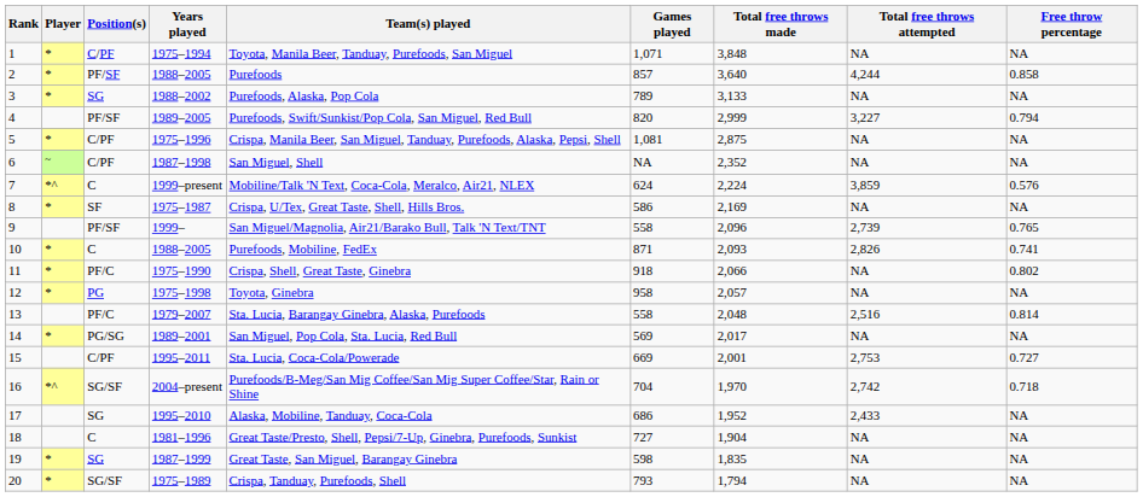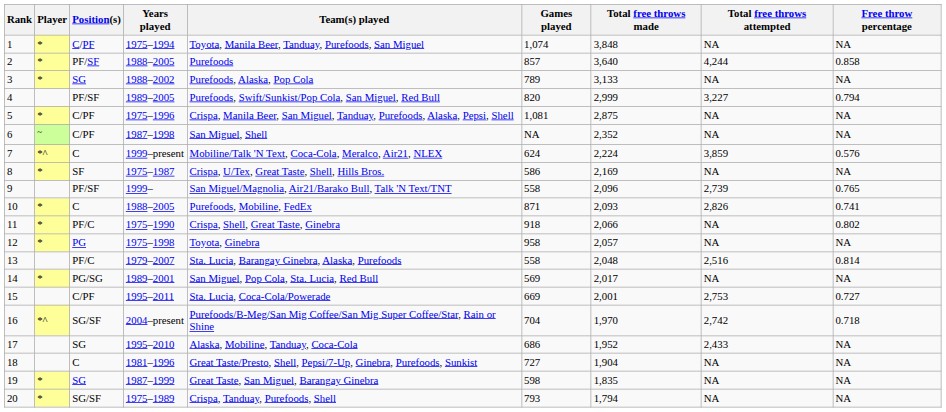 <table class="wikitable sortable" style="font-size: 90%;">
 <tr>
 <th>Rank</th>
 <th>Player</th>
 <th><a href='#'>Position</a>(s)</th>
 <th>Years played</th>
 <th class="unsortable">Team(s) played</th>
 <th>Games played</th>
 <th>Total <a href='#'>free throws</a> made</th>
 <th>Total <a href='#'>free throws</a> attempted</th>
 <th><a href='#'>Free throw</a> percentage</th>
 </tr>
 <tr>
 <td>1</td>
 <td bgcolor="#FFFF99">*</td>
 <td><a href='#'>C</a>/<a href='#'>PF</a></td>
 <td><a href='#'>1975</a>–<a href='#'>1994</a></td>
 <td><a href='#'>Toyota</a>, <a href='#'>Manila Beer</a>, <a href='#'>Tanduay</a>, <a href='#'>Purefoods</a>, <a href='#'>San Miguel</a></td>
-<td>1,071</td>
+<td>1,074</td>
 <td>3,848</td>
 <td>NA</td>
 <td>NA</td>
 </tr>
 <tr>
 <td>2</td>
 <td bgcolor="#FFFF99">*</td>
 <td>PF/<a href='#'>SF</a></td>
 <td><a href='#'>1988</a>–<a href='#'>2005</a></td>
 <td><a href='#'>Purefoods</a></td>
 <td>857</td>
 <td>3,640</td>
 <td>4,244</td>
 <td>0.858</td>
 </tr>
 <tr>
 <td>3</td>
 <td bgcolor="#FFFF99">*</td>
 <td><a href='#'>SG</a></td>
 <td><a href='#'>1988</a>–<a href='#'>2002</a></td>
 <td><a href='#'>Purefoods</a>, <a href='#'>Alaska</a>, <a href='#'>Pop Cola</a></td>
 <td>789</td>
 <td>3,133</td>
 <td>NA</td>
 <td>NA</td>
 </tr>
 <tr>
 <td>4</td>
 <td></td>
 <td>PF/SF</td>
 <td><a href='#'>1989</a>–<a href='#'>2005</a></td>
 <td><a href='#'>Purefoods</a>, <a href='#'>Swift/Sunkist/Pop Cola</a>, <a href='#'>San Miguel</a>, <a href='#'>Red Bull</a></td>
 <td>820</td>
 <td>2,999</td>
 <td>3,227</td>
 <td>0.794</td>
 </tr>
 <tr>
 <td>5</td>
 <td bgcolor="#FFFF99">*</td>
 <td>C/PF</td>
 <td><a href='#'>1975</a>–<a href='#'>1996</a></td>
 <td><a href='#'>Crispa</a>, <a href='#'>Manila Beer</a>, <a href='#'>San Miguel</a>, <a href='#'>Tanduay</a>, <a href='#'>Purefoods</a>, <a href='#'>Alaska</a>, <a href='#'>Pepsi</a>, <a href='#'>Shell</a></td>
 <td>1,081</td>
 <td>2,875</td>
 <td>NA</td>
 <td>NA</td>
 </tr>
 <tr>
 <td>6</td>
 <td bgcolor="#CCFF99"><sup>~</sup></td>
 <td>C/PF</td>
 <td><a href='#'>1987</a>–<a href='#'>1998</a></td>
 <td><a href='#'>San Miguel</a>, <a href='#'>Shell</a></td>
 <td>NA</td>
 <td>2,352</td>
 <td>NA</td>
 <td>NA</td>
 </tr>
 <tr>
 <td>7</td>
 <td style="background:#FFFF99"><em></em>*^</td>
 <td>C</td>
 <td><a href='#'>1999</a>–present</td>
 <td><a href='#'>Mobiline/Talk 'N Text</a>, <a href='#'>Coca-Cola</a>, <a href='#'>Meralco</a>, <a href='#'>Air21</a>, <a href='#'>NLEX</a></td>
 <td>624</td>
 <td>2,224</td>
 <td>3,859</td>
 <td>0.576</td>
 </tr>
 <tr>
 <td>8</td>
 <td bgcolor="#FFFF99">*</td>
 <td>SF</td>
 <td><a href='#'>1975</a>–<a href='#'>1987</a></td>
 <td><a href='#'>Crispa</a>, <a href='#'>U/Tex</a>, <a href='#'>Great Taste</a>, <a href='#'>Shell</a>, <a href='#'>Hills Bros.</a></td>
 <td>586</td>
 <td>2,169</td>
 <td>NA</td>
 <td>NA</td>
 </tr>
 <tr>
 <td>9</td>
 <td></td>
 <td>PF/SF</td>
 <td><a href='#'>1999</a>–</td>
 <td><a href='#'>San Miguel/Magnolia</a>, <a href='#'>Air21/Barako Bull</a>, <a href='#'>Talk 'N Text/TNT</a></td>
 <td>558</td>
 <td>2,096</td>
 <td>2,739</td>
 <td>0.765</td>
 </tr>
 <tr>
 <td>10</td>
 <td bgcolor="#FFFF99">*</td>
 <td>C</td>
 <td><a href='#'>1988</a>–<a href='#'>2005</a></td>
 <td><a href='#'>Purefoods</a>, <a href='#'>Mobiline</a>, <a href='#'>FedEx</a></td>
 <td>871</td>
 <td>2,093</td>
 <td>2,826</td>
 <td>0.741</td>
 </tr>
 <tr>
 <td>11</td>
 <td bgcolor="#FFFF99">*</td>
 <td>PF/C</td>
 <td><a href='#'>1975</a>–<a href='#'>1990</a></td>
 <td><a href='#'>Crispa</a>, <a href='#'>Shell</a>, <a href='#'>Great Taste</a>, <a href='#'>Ginebra</a></td>
 <td>918</td>
 <td>2,066</td>
 <td>NA</td>
 <td>0.802</td>
 </tr>
 <tr>
 <td>12</td>
 <td bgcolor="#FFFF99">*</td>
 <td><a href='#'>PG</a></td>
 <td><a href='#'>1975</a>–<a href='#'>1998</a></td>
 <td><a href='#'>Toyota</a>, <a href='#'>Ginebra</a></td>
 <td>958</td>
 <td>2,057</td>
 <td>NA</td>
 <td>NA</td>
 </tr>
 <tr>
 <td>13</td>
 <td></td>
 <td>PF/C</td>
 <td><a href='#'>1979</a>–<a href='#'>2007</a></td>
 <td><a href='#'>Sta. Lucia</a>, <a href='#'>Barangay Ginebra</a>, <a href='#'>Alaska</a>,  <a href='#'>Purefoods</a></td>
 <td>558</td>
 <td>2,048</td>
 <td>2,516</td>
 <td>0.814</td>
 </tr>
 <tr>
 <td>14</td>
 <td bgcolor="#FFFF99">*</td>
 <td>PG/SG</td>
 <td><a href='#'>1989</a>–<a href='#'>2001</a></td>
 <td><a href='#'>San Miguel</a>, <a href='#'>Pop Cola</a>, <a href='#'>Sta. Lucia</a>, <a href='#'>Red Bull</a></td>
 <td>569</td>
 <td>2,017</td>
 <td>NA</td>
 <td>NA</td>
 </tr>
 <tr>
 <td>15</td>
 <td></td>
 <td>C/PF</td>
 <td><a href='#'>1995</a>–<a href='#'>2011</a></td>
 <td><a href='#'>Sta. Lucia</a>, <a href='#'>Coca-Cola/Powerade</a></td>
 <td>669</td>
 <td>2,001</td>
 <td>2,753</td>
 <td>0.727</td>
 </tr>
 <tr>
 <td>16</td>
 <td style="background:#FFFF99"><em></em>*^</td>
 <td>SG/SF</td>
 <td><a href='#'>2004</a>–present</td>
 <td><a href='#'>Purefoods/B-Meg/San Mig Coffee/San Mig Super Coffee/Star</a>, <a href='#'>Rain or Shine</a></td>
 <td>704</td>
 <td>1,970</td>
 <td>2,742</td>
 <td>0.718</td>
 </tr>
 <tr>
 <td>17</td>
 <td></td>
 <td>SG</td>
 <td><a href='#'>1995</a>–<a href='#'>2010</a></td>
 <td><a href='#'>Alaska</a>, <a href='#'>Mobiline</a>, <a href='#'>Tanduay</a>, <a href='#'>Coca-Cola</a></td>
 <td>686</td>
 <td>1,952</td>
 <td>2,433</td>
 <td>NA</td>
 </tr>
 <tr>
 <td>18</td>
 <td></td>
 <td>C</td>
 <td><a href='#'>1981</a>–<a href='#'>1996</a></td>
 <td><a href='#'>Great Taste/Presto</a>, <a href='#'>Shell</a>, <a href='#'>Pepsi/7-Up</a>, <a href='#'>Ginebra</a>, <a href='#'>Purefoods</a>, <a href='#'>Sunkist</a></td>
 <td>727</td>
 <td>1,904</td>
 <td>NA</td>
 <td>NA</td>
 </tr>
 <tr>
 <td>19</td>
 <td bgcolor="#FFFF99">*</td>
 <td><a href='#'>SG</a></td>
 <td><a href='#'>1987</a>–<a href='#'>1999</a></td>
 <td><a href='#'>Great Taste</a>, <a href='#'>San Miguel</a>, <a href='#'>Barangay Ginebra</a></td>
 <td>598</td>
 <td>1,835</td>
 <td>NA</td>
 <td>NA</td>
 </tr>
 <tr>
 <td>20</td>
 <td bgcolor="#FFFF99">*</td>
 <td>SG/SF</td>
 <td><a href='#'>1975</a>–<a href='#'>1989</a></td>
 <td><a href='#'>Crispa</a>, <a href='#'>Tanduay</a>, <a href='#'>Purefoods</a>, <a href='#'>Shell</a></td>
 <td>793</td>
 <td>1,794</td>
 <td>NA</td>
 <td>NA</td>
 </tr>
 </table>
